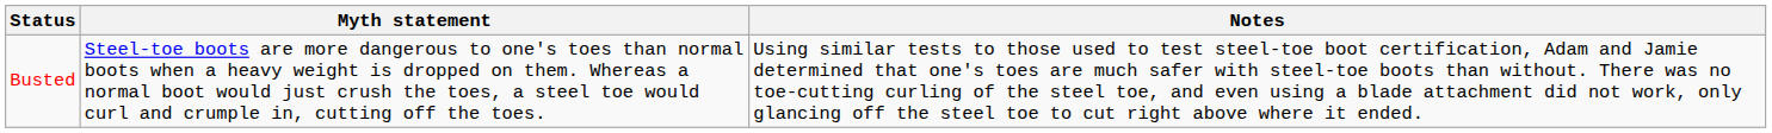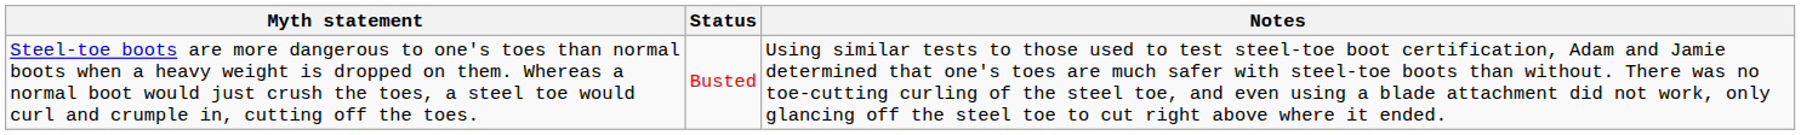 <table class="wikitable plainrowheaders">
 <tr>
+<th>Myth statement</th>
 <th>Status</th>
-<th>Myth statement</th>
 <th>Notes</th>
 </tr>
 <tr>
+<td><a href='#'>Steel-toe boots</a> are more dangerous to one's toes than normal boots when a heavy weight is dropped on them. Whereas a normal boot would just crush the toes, a steel toe would curl and crumple in, cutting off the toes.</td>
 <td style="color:red">Busted</td>
-<td><a href='#'>Steel-toe boots</a> are more dangerous to one's toes than normal boots when a heavy weight is dropped on them. Whereas a normal boot would just crush the toes, a steel toe would curl and crumple in, cutting off the toes.</td>
 <td>Using similar tests to those used to test steel-toe boot certification, Adam and Jamie determined that one's toes are much safer with steel-toe boots than without. There was no toe-cutting curling of the steel toe, and even using a blade attachment did not work, only glancing off the steel toe to cut right above where it ended.</td>
 </tr>
 </table>
